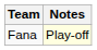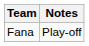 <table class="wikitable">
 <tr>
 <th>Team</th>
 <th>Notes</th>
 </tr>
 <tr>
 <td>Fana</td>
-<td style="background: lightyellow;">Play-off</td>
+<td>Play-off</td>
 </tr>
 </table>
